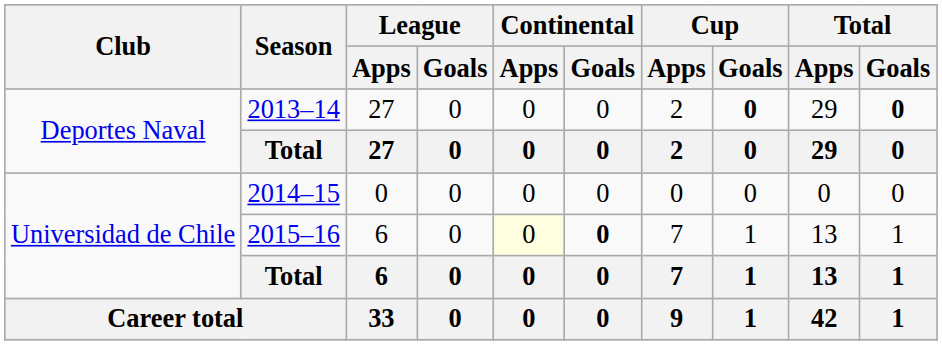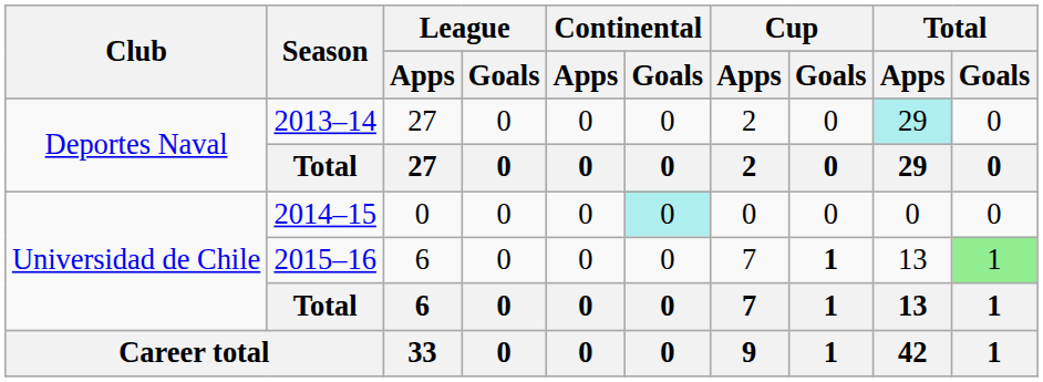 <table class="wikitable" style="text-align: center;">
 <tr>
 <th rowspan="2">Club</th>
 <th rowspan="2">Season</th>
 <th colspan="2">League</th>
 <th colspan="2">Continental</th>
 <th colspan="2">Cup</th>
 <th colspan="2">Total</th>
 </tr>
 <tr>
 <th>Apps</th>
 <th>Goals</th>
 <th>Apps</th>
 <th>Goals</th>
 <th>Apps</th>
 <th>Goals</th>
 <th>Apps</th>
 <th>Goals</th>
 </tr>
 <tr>
 <td rowspan="2"><a href='#'>Deportes Naval</a></td>
 <td><a href='#'>2013–14</a></td>
 <td>27</td>
 <td>0</td>
 <td>0</td>
 <td>0</td>
 <td>2</td>
-<td><strong>0</strong></td>
-<td>29</td>
-<td><strong>0</strong></td>
+<td>0</td>
+<td style="background: paleturquoise;">29</td>
+<td>0</td>
 </tr>
 <tr>
 <th>Total</th>
 <th>27</th>
 <th>0</th>
 <th>0</th>
 <th>0</th>
 <th>2</th>
 <th>0</th>
 <th>29</th>
 <th>0</th>
 </tr>
 <tr>
 <td rowspan="3"><a href='#'>Universidad de Chile</a></td>
 <td><a href='#'>2014–15</a></td>
 <td>0</td>
 <td>0</td>
 <td>0</td>
-<td>0</td>
+<td style="background: paleturquoise;">0</td>
 <td>0</td>
 <td>0</td>
 <td>0</td>
 <td>0</td>
 </tr>
 <tr>
 <td><a href='#'>2015–16</a></td>
 <td>6</td>
 <td>0</td>
-<td style="background: lightyellow;">0</td>
-<td><strong>0</strong></td>
+<td>0</td>
+<td>0</td>
 <td>7</td>
-<td>1</td>
+<td><strong>1</strong></td>
 <td>13</td>
-<td>1</td>
+<td style="background: lightgreen;">1</td>
 </tr>
 <tr>
 <th>Total</th>
 <th>6</th>
 <th>0</th>
 <th>0</th>
 <th>0</th>
 <th>7</th>
 <th>1</th>
 <th>13</th>
 <th>1</th>
 </tr>
 <tr>
 <th colspan="2">Career total</th>
 <th>33</th>
 <th>0</th>
 <th>0</th>
 <th>0</th>
 <th>9</th>
 <th>1</th>
 <th>42</th>
 <th>1</th>
 </tr>
 </table>
